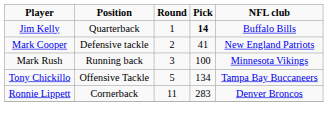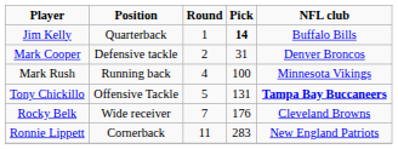 <table class="wikitable" width="80%">
 <tr align="center">
 <td><strong>Player</strong></td>
 <td><strong>Position</strong></td>
 <td><strong>Round</strong></td>
 <td><strong>Pick</strong></td>
 <td><strong>NFL club</strong></td>
 </tr>
 <tr align="center" bgcolor="">
 <td><a href='#'>Jim Kelly</a></td>
 <td>Quarterback</td>
 <td>1</td>
 <td><strong>14</strong></td>
 <td><a href='#'>Buffalo Bills</a></td>
 </tr>
 <tr align="center" bgcolor="">
 <td><a href='#'>Mark Cooper</a></td>
 <td>Defensive tackle</td>
 <td>2</td>
-<td>41</td>
-<td><a href='#'>New England Patriots</a></td>
+<td>31</td>
+<td><a href='#'>Denver Broncos</a></td>
 </tr>
 <tr align="center" bgcolor="">
 <td>Mark Rush</td>
 <td>Running back</td>
-<td>3</td>
+<td>4</td>
 <td>100</td>
 <td><a href='#'>Minnesota Vikings</a></td>
 </tr>
 <tr align="center" bgcolor="">
 <td><a href='#'>Tony Chickillo</a></td>
 <td>Offensive Tackle</td>
 <td>5</td>
-<td>134</td>
-<td><a href='#'>Tampa Bay Buccaneers</a></td>
+<td>131</td>
+<td><strong><a href='#'>Tampa Bay Buccaneers</a></strong></td>
+</tr>
+<tr align="center" bgcolor="">
+<td><a href='#'>Rocky Belk</a></td>
+<td>Wide receiver</td>
+<td>7</td>
+<td>176</td>
+<td><a href='#'>Cleveland Browns</a></td>
 </tr>
 <tr align="center" bgcolor="">
 <td><a href='#'>Ronnie Lippett</a></td>
 <td>Cornerback</td>
 <td>11</td>
 <td>283</td>
-<td><a href='#'>Denver Broncos</a></td>
+<td><a href='#'>New England Patriots</a></td>
 </tr>
 <tr align="center" bgcolor="">
 </tr>
 </table>
